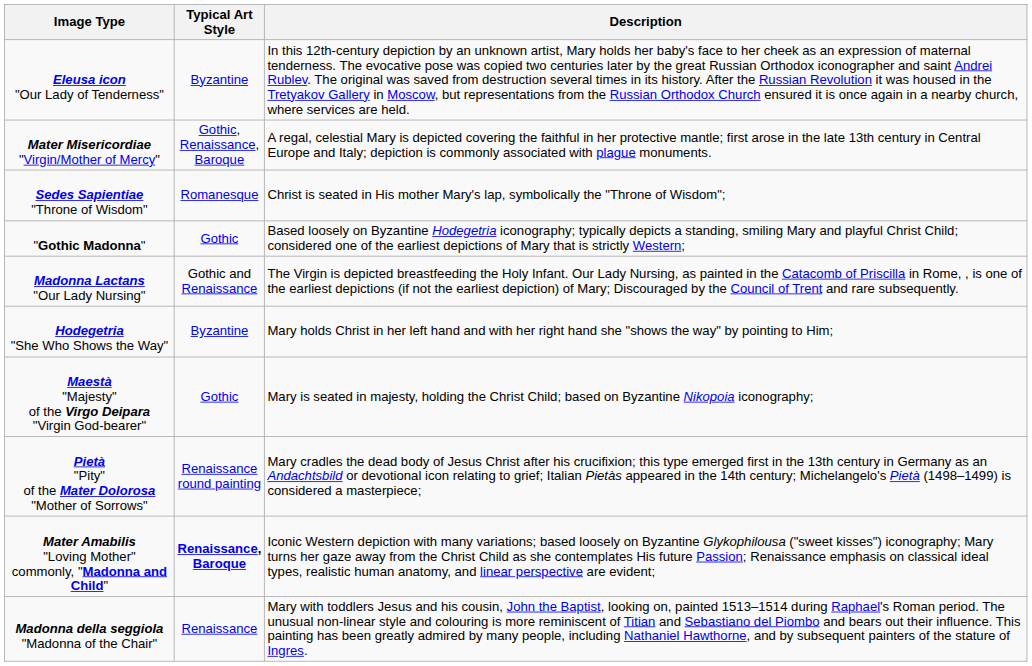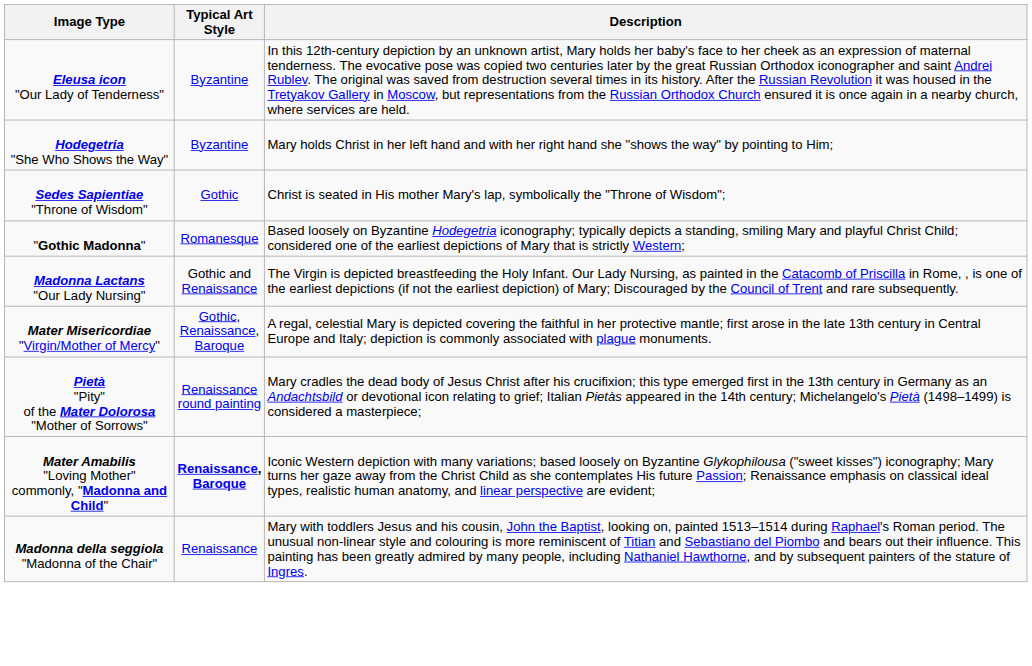 <table class="wikitable">
 <tr>
 <th width=200>Image Type</th>
 <th width=100>Typical Art Style</th>
 <th>Description</th>
 </tr>
 <tr>
 <td align="center"><br><strong><em><a href='#'>Eleusa icon</a></em></strong><br> "Our Lady of Tenderness"</td>
 <td align="center"><a href='#'>Byzantine</a></td>
 <td>In this 12th-century depiction by an unknown artist, Mary holds her baby's face to her cheek as an expression of maternal tenderness. The evocative pose was copied two centuries later by the great Russian Orthodox iconographer and saint <a href='#'>Andrei Rublev</a>. The original was saved from destruction several times in its history. After the <a href='#'>Russian Revolution</a> it was housed in the <a href='#'>Tretyakov Gallery</a> in <a href='#'>Moscow</a>, but representations from the <a href='#'>Russian Orthodox Church</a> ensured it is once again in a nearby church, where services are held.</td>
 </tr>
 <tr>
-<td align="center"><br><strong><em>Mater Misericordiae</em></strong><br> "<a href='#'>Virgin/Mother of Mercy</a>"</td>
-<td align="center"><a href='#'>Gothic</a>, <a href='#'>Renaissance</a>, <a href='#'>Baroque</a></td>
-<td>A regal, celestial Mary is depicted covering the faithful in her protective mantle; first arose in the late 13th century in Central Europe and Italy; depiction is commonly associated with <a href='#'>plague</a> monuments.</td>
+<td align="center"><br><strong><em><a href='#'>Hodegetria</a></em></strong><br> "She Who Shows the Way"</td>
+<td align="center"><a href='#'>Byzantine</a></td>
+<td>Mary holds Christ in her left hand and with her right hand she "shows the way" by pointing to Him;</td>
 </tr>
 <tr>
 <td align="center"><br><strong><em><a href='#'>Sedes Sapientiae</a></em></strong><br> "Throne of Wisdom"</td>
-<td align="center"><a href='#'>Romanesque</a></td>
+<td align="center"><a href='#'>Gothic</a></td>
 <td>Christ is seated in His mother Mary's lap, symbolically the "Throne of Wisdom";</td>
 </tr>
 <tr>
 <td align="center"><br>"<strong>Gothic Madonna</strong>"</td>
-<td align="center"><a href='#'>Gothic</a></td>
+<td align="center"><a href='#'>Romanesque</a></td>
 <td>Based loosely on Byzantine <em><a href='#'>Hodegetria</a></em> iconography; typically depicts a standing, smiling Mary and playful Christ Child; considered one of the earliest depictions of Mary that is strictly <a href='#'>Western</a>;</td>
 </tr>
 <tr>
 <td align="center"><br><strong><em><a href='#'>Madonna Lactans</a></em></strong><br> "Our Lady Nursing"</td>
 <td align="center">Gothic and <a href='#'>Renaissance</a></td>
 <td>The Virgin is depicted breastfeeding the Holy Infant. Our Lady Nursing, as painted in the <a href='#'>Catacomb of Priscilla</a> in Rome, , is one of the earliest depictions (if not the earliest depiction) of Mary; Discouraged by the <a href='#'>Council of Trent</a> and rare subsequently.</td>
 </tr>
 <tr>
-<td align="center"><br><strong><em><a href='#'>Hodegetria</a></em></strong><br> "She Who Shows the Way"</td>
-<td align="center"><a href='#'>Byzantine</a></td>
-<td>Mary holds Christ in her left hand and with her right hand she "shows the way" by pointing to Him;</td>
-</tr>
-<tr>
-<td align="center"><br><strong><em><a href='#'>Maestà</a></em></strong><br> "Majesty"<br> of the <strong><em>Virgo Deipara</em></strong><br> "Virgin God-bearer"</td>
-<td align="center"><a href='#'>Gothic</a></td>
-<td>Mary is seated in majesty, holding the Christ Child; based on Byzantine <em><a href='#'>Nikopoia</a></em> iconography;</td>
+<td align="center"><br><strong><em>Mater Misericordiae</em></strong><br> "<a href='#'>Virgin/Mother of Mercy</a>"</td>
+<td align="center"><a href='#'>Gothic</a>, <a href='#'>Renaissance</a>, <a href='#'>Baroque</a></td>
+<td>A regal, celestial Mary is depicted covering the faithful in her protective mantle; first arose in the late 13th century in Central Europe and Italy; depiction is commonly associated with <a href='#'>plague</a> monuments.</td>
 </tr>
 <tr>
 <td align="center"><br><strong><em><a href='#'>Pietà</a></em></strong> <br> "Pity"<br> of the <strong><em><a href='#'>Mater Dolorosa</a></em></strong><br> "Mother of Sorrows"</td>
 <td align="center"><a href='#'>Renaissance round painting</a></td>
 <td>Mary cradles the dead body of Jesus Christ after his crucifixion; this type emerged first in the 13th century in Germany as an <em><a href='#'>Andachtsbild</a></em> or devotional icon relating to grief; Italian <em>Pietàs</em> appeared in the 14th century; Michelangelo's <em><a href='#'>Pietà</a></em> (1498–1499) is considered a masterpiece;</td>
 </tr>
 <tr>
 <td align="center"><br><strong><em>Mater Amabilis</em></strong><br> "Loving Mother"<br> commonly, "<strong><a href='#'>Madonna and Child</a></strong>"</td>
 <td align="center"><strong><a href='#'>Renaissance</a>, <a href='#'>Baroque</a></strong></td>
 <td>Iconic Western depiction with many variations; based loosely on Byzantine <em>Glykophilousa</em> ("sweet kisses") iconography; Mary turns her gaze away from the Christ Child as she contemplates His future <a href='#'>Passion</a>; Renaissance emphasis on classical ideal types, realistic human anatomy, and <a href='#'>linear perspective</a> are evident;</td>
 </tr>
 <tr>
 <td align="center"><br><strong><em>Madonna della seggiola</em></strong><br> "Madonna of the Chair"<br></td>
 <td align="center"><a href='#'>Renaissance</a></td>
 <td>Mary with toddlers Jesus and his cousin, <a href='#'>John the Baptist</a>, looking on, painted 1513–1514 during <a href='#'>Raphael</a>'s Roman period. The unusual non-linear style and colouring is more reminiscent of <a href='#'>Titian</a> and <a href='#'>Sebastiano del Piombo</a> and bears out their influence. This painting has been greatly admired by many people, including <a href='#'>Nathaniel Hawthorne</a>, and by subsequent painters of the stature of <a href='#'>Ingres</a>.</td>
 </tr>
 </table>
